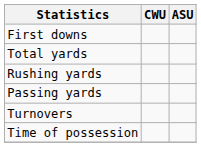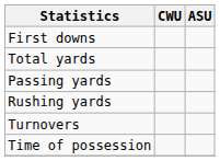 <table class="wikitable" style="float: left;">
 <tr>
 <th>Statistics</th>
 <th>CWU</th>
 <th>ASU</th>
 </tr>
 <tr>
 <td>First downs</td>
 <td></td>
 <td></td>
 </tr>
 <tr>
 <td>Total yards</td>
 <td></td>
 <td></td>
 </tr>
 <tr>
-<td>Rushing yards</td>
+<td>Passing yards</td>
 <td></td>
 <td></td>
 </tr>
 <tr>
-<td>Passing yards</td>
+<td>Rushing yards</td>
 <td></td>
 <td></td>
 </tr>
 <tr>
 <td>Turnovers</td>
 <td></td>
 <td></td>
 </tr>
 <tr>
 <td>Time of possession</td>
 <td></td>
 <td></td>
 </tr>
 <tr>
 </tr>
 </table>
